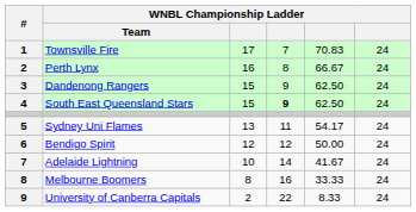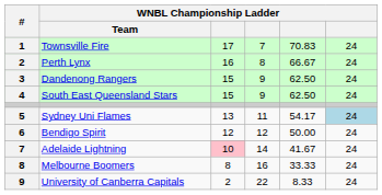 <table class="wikitable" width="43.5%" style="font-size:95%; text-align:center">
 <tr>
 <th width="5%" rowspan=2>#</th>
 <th colspan="6" align="center"><strong>WNBL Championship Ladder</strong></th>
 </tr>
 <tr>
 <th width="25%">Team</th>
 <th width="5%"></th>
 <th width="5%"></th>
 <th width="5%"></th>
 <th width="7.5%"></th>
 </tr>
 <tr style="background-color:#CCFFCC">
 <th>1</th>
 <td style="text-align:left;"><a href='#'>Townsville Fire</a></td>
 <td>17</td>
 <td>7</td>
 <td>70.83</td>
 <td>24</td>
 </tr>
 <tr style="background-color:#CCFFCC">
 <th>2</th>
 <td style="text-align:left;"><a href='#'>Perth Lynx</a></td>
 <td>16</td>
 <td>8</td>
 <td>66.67</td>
 <td>24</td>
 </tr>
 <tr style="background-color:#CCFFCC">
 <th>3</th>
 <td style="text-align:left;"><a href='#'>Dandenong Rangers</a></td>
 <td>15</td>
 <td>9</td>
 <td>62.50</td>
 <td>24</td>
 </tr>
 <tr style="background-color:#CCFFCC">
 <th>4</th>
 <td style="text-align:left;"><a href='#'>South East Queensland Stars</a></td>
 <td>15</td>
-<td><strong>9</strong></td>
+<td>9</td>
 <td>62.50</td>
 <td>24</td>
 </tr>
 <tr style="background-color:#cccccc;">
 <td></td>
 <td></td>
 <td></td>
 <td></td>
 <td></td>
 <td></td>
 </tr>
 <tr>
 <th>5</th>
 <td style="text-align:left;"><a href='#'>Sydney Uni Flames</a></td>
 <td>13</td>
 <td>11</td>
 <td>54.17</td>
-<td>24</td>
+<td style="background: lightblue;">24</td>
 </tr>
 <tr>
 <th>6</th>
 <td style="text-align:left;"><a href='#'>Bendigo Spirit</a></td>
 <td>12</td>
 <td>12</td>
 <td>50.00</td>
 <td>24</td>
 </tr>
 <tr>
 <th>7</th>
 <td style="text-align:left;"><a href='#'>Adelaide Lightning</a></td>
-<td>10</td>
+<td style="background: pink;">10</td>
 <td>14</td>
 <td>41.67</td>
 <td>24</td>
 </tr>
 <tr>
 <th>8</th>
 <td style="text-align:left;"><a href='#'>Melbourne Boomers</a></td>
 <td>8</td>
 <td>16</td>
 <td>33.33</td>
 <td>24</td>
 </tr>
 <tr>
 <th>9</th>
 <td style="text-align:left;"><a href='#'>University of Canberra Capitals</a></td>
 <td>2</td>
 <td>22</td>
 <td>8.33</td>
 <td>24</td>
 </tr>
 </table>
